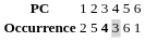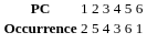 <table>
 <tr>
 <th>PC</th>
 <td>1</td>
 <td>2</td>
 <td>3</td>
 <td>4</td>
 <td>5</td>
 <td>6</td>
 </tr>
 <tr>
 <th>Occurrence</th>
 <td>2</td>
 <td>5</td>
-<td><strong>4</strong></td>
-<td style="background: lightgrey;">3</td>
+<td>4</td>
+<td>3</td>
 <td>6</td>
 <td>1</td>
 </tr>
 </table>
